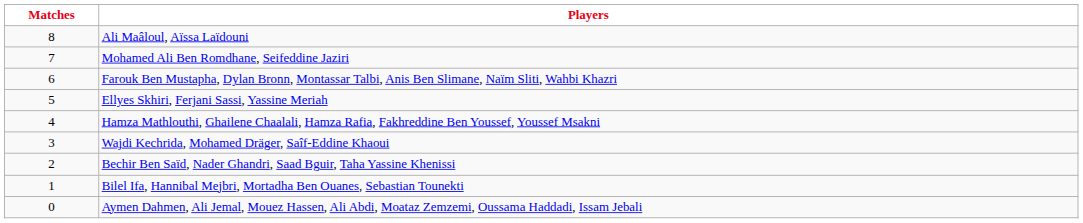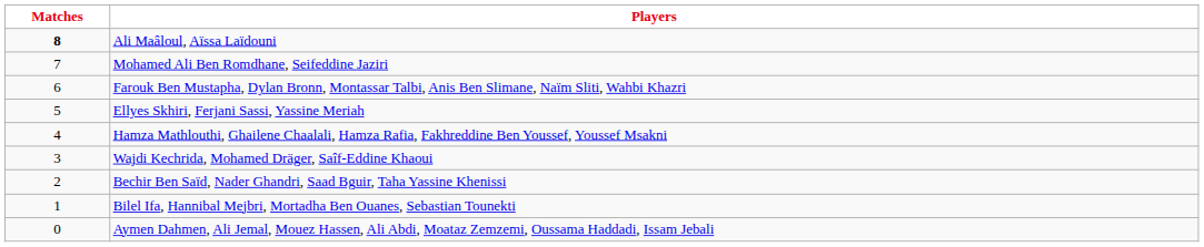 <table class="wikitable" style="font-size:95%; width:100%">
 <tr>
 <th scope="col" style="background:#FFFFFF; color:#E70013; ">Matches</th>
 <th scope="col" style="background:#FFFFFF; color:#E70013; "><strong>Players</strong></th>
 </tr>
 <tr>
-<td align="center">8</td>
+<td align="center"><strong>8</strong></td>
 <td><a href='#'>Ali Maâloul</a>, <a href='#'>Aïssa Laïdouni</a></td>
 </tr>
 <tr>
 <td align="center">7</td>
 <td><a href='#'>Mohamed Ali Ben Romdhane</a>, <a href='#'>Seifeddine Jaziri</a></td>
 </tr>
 <tr>
 <td align="center">6</td>
 <td><a href='#'>Farouk Ben Mustapha</a>, <a href='#'>Dylan Bronn</a>, <a href='#'>Montassar Talbi</a>, <a href='#'>Anis Ben Slimane</a>, <a href='#'>Naïm Sliti</a>, <a href='#'>Wahbi Khazri</a></td>
 </tr>
 <tr>
 <td align="center">5</td>
 <td><a href='#'>Ellyes Skhiri</a>, <a href='#'>Ferjani Sassi</a>, <a href='#'>Yassine Meriah</a></td>
 </tr>
 <tr>
 <td align="center">4</td>
 <td><a href='#'>Hamza Mathlouthi</a>, <a href='#'>Ghailene Chaalali</a>, <a href='#'>Hamza Rafia</a>, <a href='#'>Fakhreddine Ben Youssef</a>, <a href='#'>Youssef Msakni</a></td>
 </tr>
 <tr>
 <td align="center">3</td>
 <td><a href='#'>Wajdi Kechrida</a>, <a href='#'>Mohamed Dräger</a>, <a href='#'>Saîf-Eddine Khaoui</a></td>
 </tr>
 <tr>
 <td align="center">2</td>
 <td><a href='#'>Bechir Ben Saïd</a>, <a href='#'>Nader Ghandri</a>, <a href='#'>Saad Bguir</a>, <a href='#'>Taha Yassine Khenissi</a></td>
 </tr>
 <tr>
 <td align="center">1</td>
 <td><a href='#'>Bilel Ifa</a>, <a href='#'>Hannibal Mejbri</a>, <a href='#'>Mortadha Ben Ouanes</a>, <a href='#'>Sebastian Tounekti</a></td>
 </tr>
 <tr>
 <td align="center">0</td>
 <td><a href='#'>Aymen Dahmen</a>, <a href='#'>Ali Jemal</a>, <a href='#'>Mouez Hassen</a>, <a href='#'>Ali Abdi</a>, <a href='#'>Moataz Zemzemi</a>, <a href='#'>Oussama Haddadi</a>, <a href='#'>Issam Jebali</a></td>
 </tr>
 </table>
